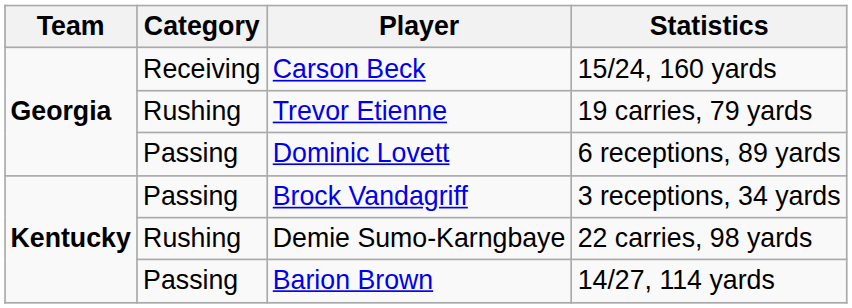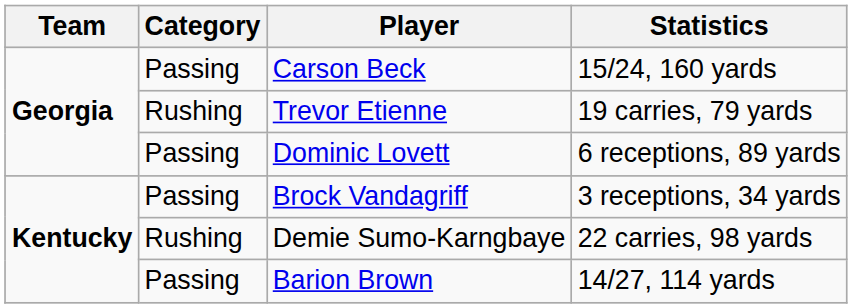 <table class="wikitable" style="float: right;">
 <tr>
 <th>Team</th>
 <th>Category</th>
 <th>Player</th>
 <th>Statistics</th>
 </tr>
 <tr>
 <td rowspan=3><strong>Georgia</strong></td>
-<td>Receiving</td>
+<td>Passing</td>
 <td><a href='#'>Carson Beck</a></td>
 <td>15/24, 160 yards</td>
 </tr>
 <tr>
 <td>Rushing</td>
 <td><a href='#'>Trevor Etienne</a></td>
 <td>19 carries, 79 yards</td>
 </tr>
 <tr>
 <td>Passing</td>
 <td><a href='#'>Dominic Lovett</a></td>
 <td>6 receptions, 89 yards</td>
 </tr>
 <tr>
 <td rowspan=3><strong>Kentucky</strong></td>
 <td>Passing</td>
 <td><a href='#'>Brock Vandagriff</a></td>
 <td>3 receptions, 34 yards</td>
 </tr>
 <tr>
 <td>Rushing</td>
 <td>Demie Sumo-Karngbaye</td>
 <td>22 carries, 98 yards</td>
 </tr>
 <tr>
 <td>Passing</td>
 <td><a href='#'>Barion Brown</a></td>
 <td>14/27, 114 yards</td>
 </tr>
 </table>
